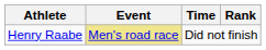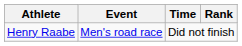 <table class=wikitable style="font-size:90%">
 <tr>
 <th>Athlete</th>
 <th>Event</th>
 <th>Time</th>
 <th>Rank</th>
 </tr>
 <tr align=center>
 <td align=left><a href='#'>Henry Raabe</a></td>
-<td align=left style="background: khaki;"><a href='#'>Men's road race</a></td>
+<td align=left><a href='#'>Men's road race</a></td>
 <td colspan=2>Did not finish</td>
 </tr>
 </table>
